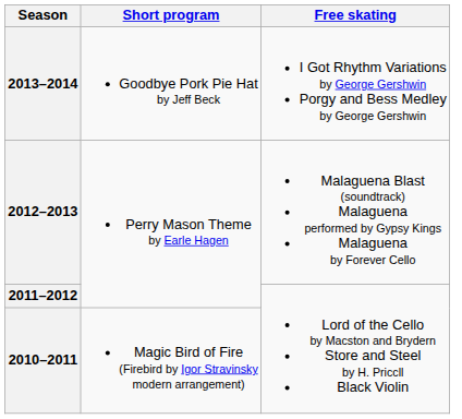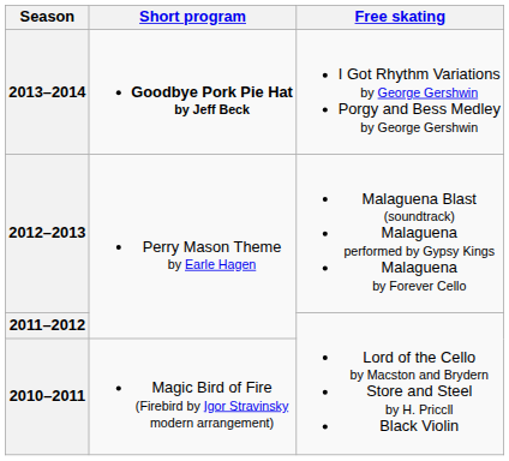 <table class=wikitable style=text-align:center>
 <tr>
 <th>Season</th>
 <th><a href='#'>Short program</a></th>
 <th><a href='#'>Free skating</a></th>
 </tr>
 <tr>
 <th>2013–2014 <br> </th>
-<td><br><ul><li>Goodbye Pork Pie Hat <br><small> by Jeff Beck </small></li></ul></td>
+<td><strong><br><ul><li>Goodbye Pork Pie Hat <br><small> by Jeff Beck </small></li></ul></strong></td>
 <td><br><ul><li>I Got Rhythm Variations <br><small> by <a href='#'>George Gershwin</a> </small></li><li>Porgy and Bess Medley <br><small> by George Gershwin </small></li></ul></td>
 </tr>
 <tr>
 <th>2012–2013 <br> </th>
 <td rowspan=2><br><ul><li>Perry Mason Theme <br><small> by <a href='#'>Earle Hagen</a> </small></li></ul></td>
 <td><br><ul><li>Malaguena Blast <br><small> (soundtrack) </small></li><li>Malaguena <br><small> performed by Gypsy Kings </small></li><li>Malaguena <br><small> by Forever Cello </small></li></ul></td>
 </tr>
 <tr>
 <th>2011–2012 <br> </th>
 <td rowspan=2><br><ul><li>Lord of the Cello <br><small> by Macston and Brydern </small></li><li>Store and Steel <br><small> by H. Priccll </small></li><li>Black Violin</li></ul></td>
 </tr>
 <tr>
 <th>2010–2011 <br> </th>
 <td><br><ul><li>Magic Bird of Fire <br><small> (Firebird by <a href='#'>Igor Stravinsky</a> <br> modern arrangement) </small></li></ul></td>
 </tr>
 </table>
